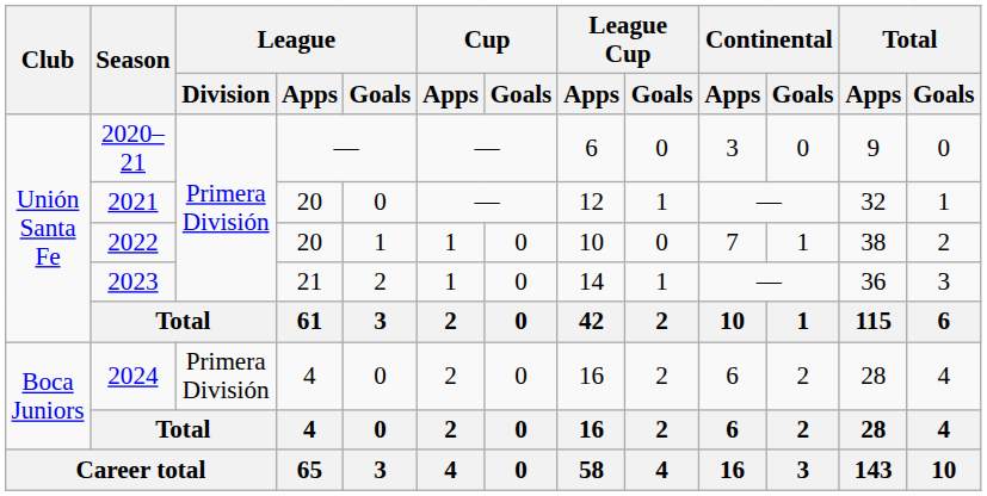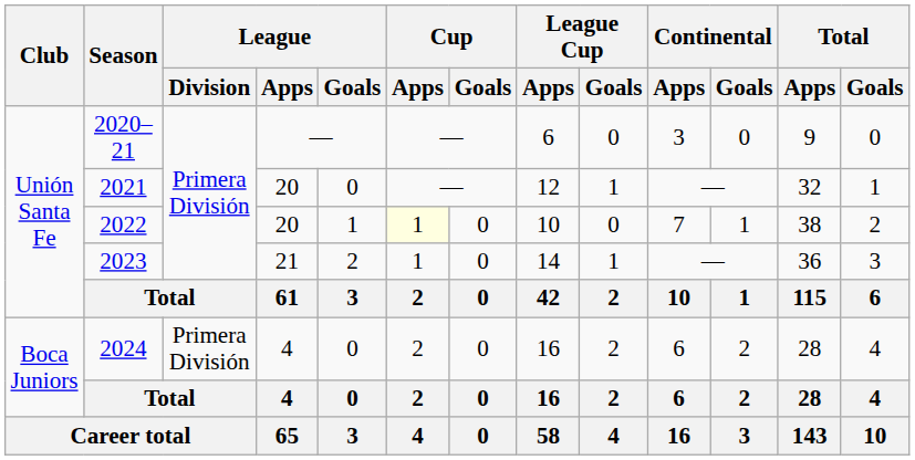 <table class="wikitable" style="text-align:center">
 <tr>
 <th rowspan="2">Club</th>
 <th rowspan="2">Season</th>
 <th colspan="3">League</th>
 <th colspan="2">Cup</th>
 <th colspan="2">League Cup</th>
 <th colspan="2">Continental</th>
 <th colspan="2">Total</th>
 </tr>
 <tr>
 <th>Division</th>
 <th>Apps</th>
 <th>Goals</th>
 <th>Apps</th>
 <th>Goals</th>
 <th>Apps</th>
 <th>Goals</th>
 <th>Apps</th>
 <th>Goals</th>
 <th>Apps</th>
 <th>Goals</th>
 </tr>
 <tr>
 <td rowspan="5"><a href='#'>Unión Santa Fe</a></td>
 <td><a href='#'>2020–21</a></td>
 <td rowspan="4"><a href='#'>Primera División</a></td>
 <td colspan="2">—</td>
 <td colspan="2">—</td>
 <td>6</td>
 <td>0</td>
 <td>3</td>
 <td>0</td>
 <td>9</td>
 <td>0</td>
 </tr>
 <tr>
 <td><a href='#'>2021</a></td>
 <td>20</td>
 <td>0</td>
 <td colspan="2">—</td>
 <td>12</td>
 <td>1</td>
 <td colspan="2">—</td>
 <td>32</td>
 <td>1</td>
 </tr>
 <tr>
 <td><a href='#'>2022</a></td>
 <td>20</td>
 <td>1</td>
-<td>1</td>
+<td style="background: lightyellow;">1</td>
 <td>0</td>
 <td>10</td>
 <td>0</td>
 <td>7</td>
 <td>1</td>
 <td>38</td>
 <td>2</td>
 </tr>
 <tr>
 <td><a href='#'>2023</a></td>
 <td>21</td>
 <td>2</td>
 <td>1</td>
 <td>0</td>
 <td>14</td>
 <td>1</td>
 <td colspan="2">—</td>
 <td>36</td>
 <td>3</td>
 </tr>
 <tr>
 <th colspan="2">Total</th>
 <th>61</th>
 <th>3</th>
 <th>2</th>
 <th>0</th>
 <th>42</th>
 <th>2</th>
 <th>10</th>
 <th>1</th>
 <th>115</th>
 <th>6</th>
 </tr>
 <tr>
 <td rowspan="2"><a href='#'>Boca Juniors</a></td>
 <td><a href='#'>2024</a></td>
 <td>Primera División</td>
 <td>4</td>
 <td>0</td>
 <td>2</td>
 <td>0</td>
 <td>16</td>
 <td>2</td>
 <td>6</td>
 <td>2</td>
 <td>28</td>
 <td>4</td>
 </tr>
 <tr>
 <th colspan="2">Total</th>
 <th>4</th>
 <th>0</th>
 <th>2</th>
 <th>0</th>
 <th>16</th>
 <th>2</th>
 <th>6</th>
 <th>2</th>
 <th>28</th>
 <th>4</th>
 </tr>
 <tr>
 <th colspan="3">Career total</th>
 <th>65</th>
 <th>3</th>
 <th>4</th>
 <th>0</th>
 <th>58</th>
 <th>4</th>
 <th>16</th>
 <th>3</th>
 <th>143</th>
 <th>10</th>
 </tr>
 </table>
